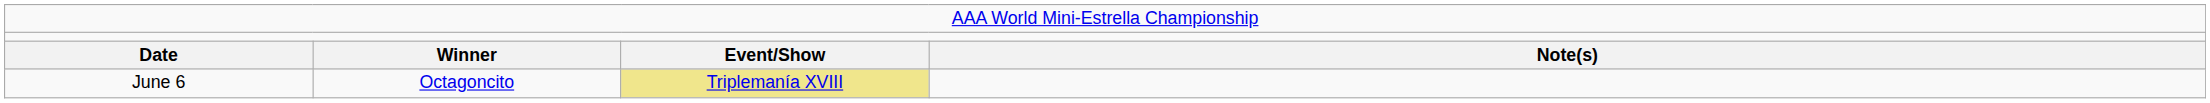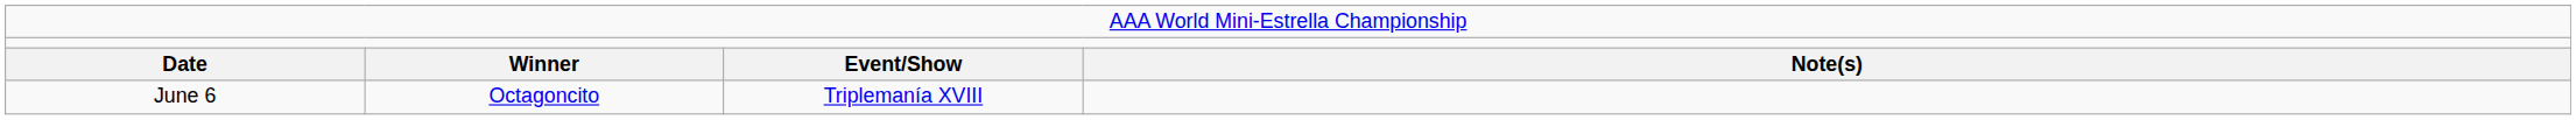 <table class="wikitable" style="text-align:center; width:100%;">
 <tr>
 <td colspan="5"><a href='#'>AAA World Mini-Estrella Championship</a></td>
 </tr>
 <tr>
 <td colspan="5"><strong></strong></td>
 </tr>
 <tr>
 <th style="width:14%;">Date</th>
 <th style="width:14%;">Winner</th>
 <th style="width:14%;">Event/Show</th>
 <th style="width:58%;">Note(s)</th>
 </tr>
 <tr>
 <td>June 6</td>
 <td><a href='#'>Octagoncito</a></td>
-<td style="background: khaki;"><a href='#'>Triplemanía XVIII</a></td>
+<td><a href='#'>Triplemanía XVIII</a></td>
 <td style="text-align:left;"></td>
 </tr>
 </table>
